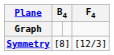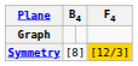 <table class=wikitable>
 <tr style="text-align:center;">
 <th><a href='#'>Plane</a></th>
 <th colspan=2>B<sub>4</sub></th>
 <th>F<sub>4</sub></th>
 </tr>
 <tr style="text-align:center;">
 <th>Graph</th>
 <td></td>
 <td></td>
 <td></td>
 </tr>
 <tr style="text-align:center;">
 <th><a href='#'>Symmetry</a></th>
 <td colspan=2>[8]</td>
-<td>[12/3]</td>
+<td style="background: gold;">[12/3]</td>
 </tr>
 </table>
